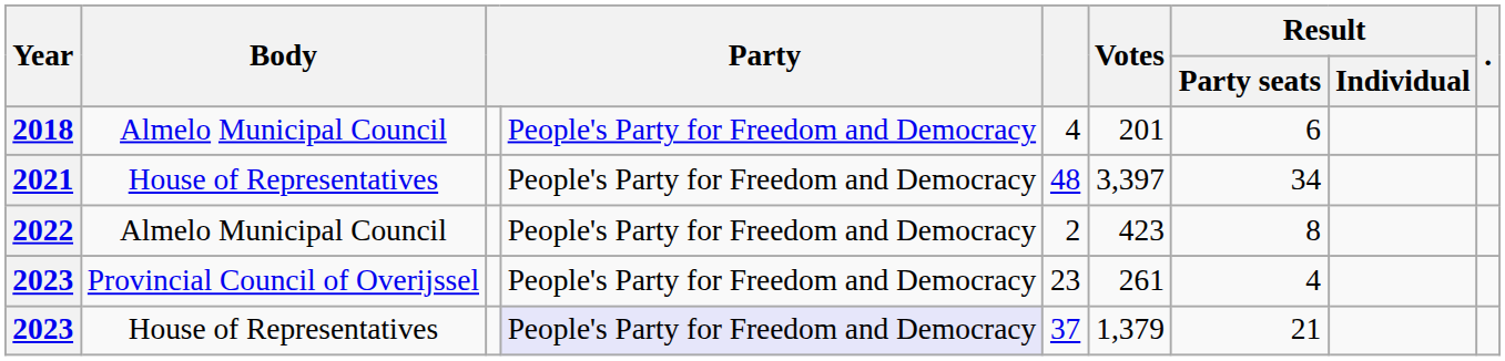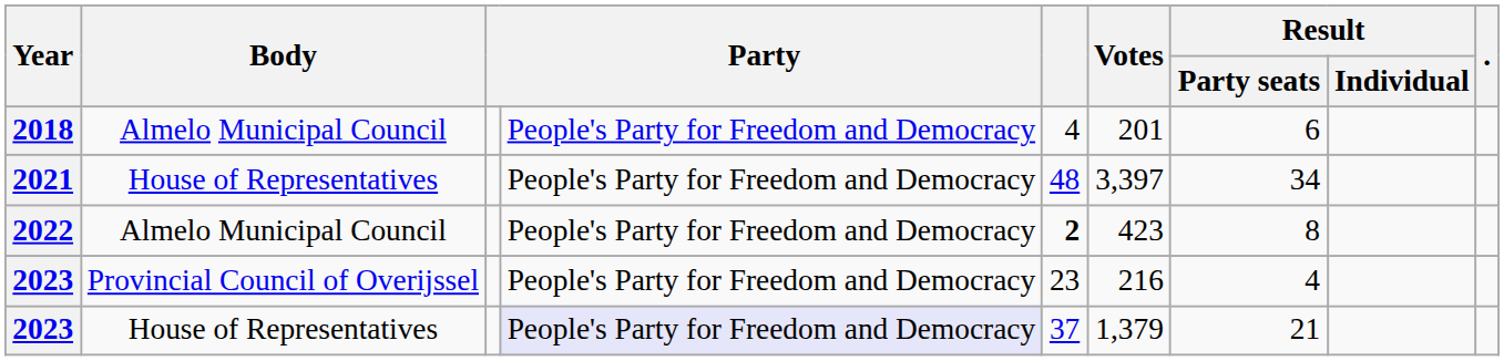 <table class="wikitable plainrowheaders sortable" border=2 cellpadding=4 cellspacing=0 style="border: 1px #aaa solid; font-size: 90%; text-align:center;">
 <tr>
 <th scope="col" rowspan=2>Year</th>
 <th scope="col" rowspan=2>Body</th>
 <th scope="col" colspan=2 rowspan=2>Party</th>
 <th scope="col" rowspan=2></th>
 <th scope="col" rowspan=2>Votes</th>
 <th scope="colgroup" colspan=2>Result</th>
 <th scope="col" rowspan=2 class="unsortable">.</th>
 </tr>
 <tr>
 <th scope="col">Party seats</th>
 <th scope="col">Individual</th>
 </tr>
 <tr>
 <th scope="row"><a href='#'>2018</a></th>
 <td><a href='#'>Almelo</a> <a href='#'>Municipal Council</a></td>
 <td style="background-color:"></td>
 <td><a href='#'>People's Party for Freedom and Democracy</a></td>
 <td style=text-align:right>4</td>
 <td style=text-align:right>201</td>
 <td style=text-align:right>6</td>
 <td></td>
 <td></td>
 </tr>
 <tr>
 <th scope="row"><a href='#'>2021</a></th>
 <td><a href='#'>House of Representatives</a></td>
 <td style="background-color:"></td>
 <td>People's Party for Freedom and Democracy</td>
 <td style=text-align:right><a href='#'>48</a></td>
 <td style=text-align:right>3,397</td>
 <td style=text-align:right>34</td>
 <td></td>
 <td></td>
 </tr>
 <tr>
 <th scope="row"><a href='#'>2022</a></th>
 <td>Almelo Municipal Council</td>
 <td style="background-color:"></td>
 <td>People's Party for Freedom and Democracy</td>
-<td style=text-align:right>2</td>
+<td style=text-align:right><strong>2</strong></td>
 <td style=text-align:right>423</td>
 <td style=text-align:right>8</td>
 <td></td>
 <td></td>
 </tr>
 <tr>
 <th scope="row"><a href='#'>2023</a></th>
 <td><a href='#'>Provincial Council of Overijssel</a></td>
 <td style="background-color:"></td>
 <td>People's Party for Freedom and Democracy</td>
 <td style=text-align:right>23</td>
-<td style=text-align:right>261</td>
+<td style=text-align:right>216</td>
 <td style=text-align:right>4</td>
 <td></td>
 <td></td>
 </tr>
 <tr>
 <th scope="row"><a href='#'>2023</a></th>
 <td>House of Representatives</td>
 <td style="background-color:"></td>
 <td style="background: lavender;">People's Party for Freedom and Democracy</td>
 <td style=text-align:right><a href='#'>37</a></td>
 <td style=text-align:right>1,379</td>
 <td style=text-align:right>21</td>
 <td></td>
 <td></td>
 </tr>
 </table>
